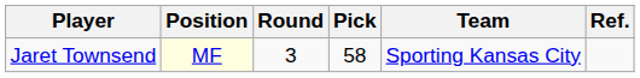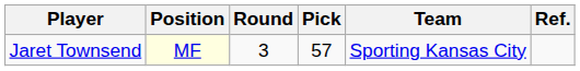 <table class="wikitable" style="text-align:center;">
 <tr>
 <th>Player</th>
 <th>Position</th>
 <th>Round</th>
 <th>Pick</th>
 <th>Team</th>
 <th>Ref.</th>
 </tr>
 <tr>
 <td><a href='#'>Jaret Townsend</a></td>
 <td style="background: lightyellow;"><a href='#'>MF</a></td>
 <td>3</td>
-<td>58</td>
+<td>57</td>
 <td><a href='#'>Sporting Kansas City</a></td>
 </tr>
 </table>
